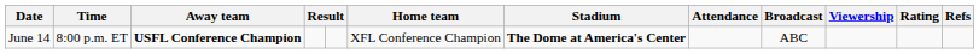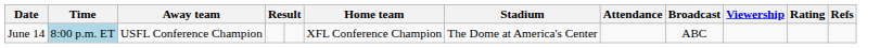 <table class="wikitable" style="text-align:center;">
 <tr>
 <th>Date</th>
 <th>Time<br></th>
 <th>Away team</th>
 <th colspan="2">Result<br></th>
 <th>Home team</th>
 <th>Stadium</th>
 <th>Attendance</th>
 <th>Broadcast</th>
 <th><a href='#'>Viewership</a><br></th>
 <th>Rating<br></th>
 <th>Refs</th>
 </tr>
 <tr>
 <td>June 14</td>
-<td>8:00 p.m. ET</td>
-<td><strong>USFL Conference Champion</strong></td>
+<td style="background: lightblue;">8:00 p.m. ET</td>
+<td>USFL Conference Champion</td>
 <td></td>
 <td></td>
 <td>XFL Conference Champion</td>
-<td><strong>The Dome at America's Center</strong></td>
+<td>The Dome at America's Center</td>
 <td></td>
 <td>ABC</td>
 <td></td>
 <td></td>
 <td></td>
 </tr>
 </table>
